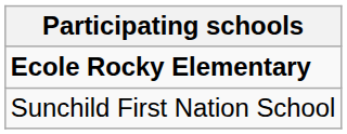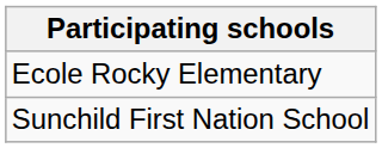 <table class="wikitable" align=right>
 <tr>
 <th>Participating schools</th>
 </tr>
 <tr>
-<td><strong>Ecole Rocky Elementary</strong></td>
+<td>Ecole Rocky Elementary</td>
 </tr>
 <tr>
 <td>Sunchild First Nation School</td>
 </tr>
 </table>
